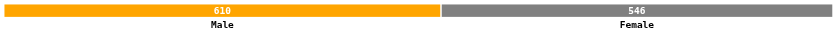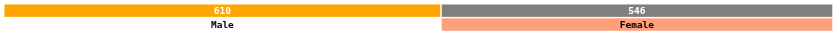 <table style="width:90%; text-align:center;">
 <tr style="color:white;">
 <td style="background:orange; width:52.76%;"><strong>610</strong></td>
 <td style="background:grey; width:47.23%;"><strong>546</strong></td>
 </tr>
 <tr>
 <td><span><strong>Male</strong></span></td>
-<td><span><strong>Female</strong></span></td>
+<td style="background: lightsalmon;"><span><strong>Female</strong></span></td>
 </tr>
 </table>
